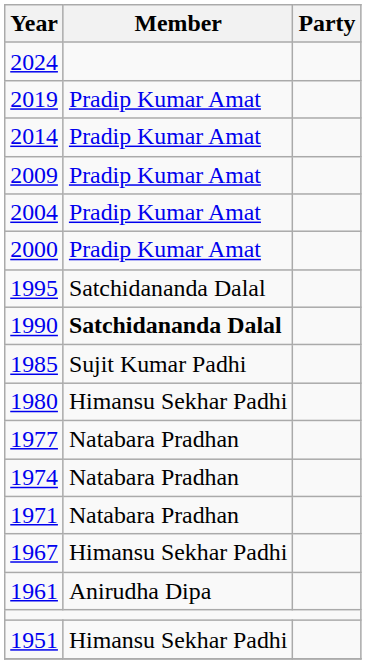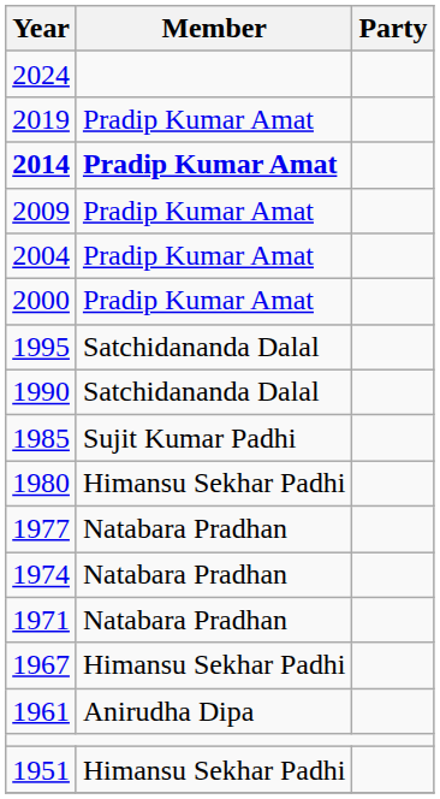 <table class="wikitable sortable">
 <tr>
 <th>Year</th>
 <th>Member</th>
 <th colspan=2>Party</th>
 </tr>
 <tr>
 <td><a href='#'>2024</a></td>
 <td></td>
 <td></td>
 </tr>
 <tr>
 <td><a href='#'>2019</a></td>
 <td><a href='#'>Pradip Kumar Amat</a></td>
 <td></td>
 </tr>
 <tr>
-<td><a href='#'>2014</a></td>
-<td><a href='#'>Pradip Kumar Amat</a></td>
+<td><strong><a href='#'>2014</a></strong></td>
+<td><strong><a href='#'>Pradip Kumar Amat</a></strong></td>
 <td></td>
 </tr>
 <tr>
 <td><a href='#'>2009</a></td>
 <td><a href='#'>Pradip Kumar Amat</a></td>
 <td></td>
 </tr>
 <tr>
 <td><a href='#'>2004</a></td>
 <td><a href='#'>Pradip Kumar Amat</a></td>
 <td></td>
 </tr>
 <tr>
 <td><a href='#'>2000</a></td>
 <td><a href='#'>Pradip Kumar Amat</a></td>
 <td></td>
 </tr>
 <tr>
 <td><a href='#'>1995</a></td>
 <td>Satchidananda Dalal</td>
 <td></td>
 </tr>
 <tr>
 <td><a href='#'>1990</a></td>
-<td><strong>Satchidananda Dalal</strong></td>
+<td>Satchidananda Dalal</td>
 <td></td>
 </tr>
 <tr>
 <td><a href='#'>1985</a></td>
 <td>Sujit Kumar Padhi</td>
 <td></td>
 </tr>
 <tr>
 <td><a href='#'>1980</a></td>
 <td>Himansu Sekhar Padhi</td>
 <td></td>
 </tr>
 <tr>
 <td><a href='#'>1977</a></td>
 <td>Natabara Pradhan</td>
 <td></td>
 </tr>
 <tr>
 <td><a href='#'>1974</a></td>
 <td>Natabara Pradhan</td>
 <td></td>
 </tr>
 <tr>
 <td><a href='#'>1971</a></td>
 <td>Natabara Pradhan</td>
 <td></td>
 </tr>
 <tr>
 <td><a href='#'>1967</a></td>
 <td>Himansu Sekhar Padhi</td>
 <td></td>
 </tr>
 <tr>
 <td><a href='#'>1961</a></td>
 <td>Anirudha Dipa</td>
 <td></td>
 </tr>
 <tr>
 <td colspan="4"></td>
 </tr>
 <tr>
 <td><a href='#'>1951</a></td>
 <td>Himansu Sekhar Padhi</td>
 <td></td>
 </tr>
 <tr>
 </tr>
 </table>
